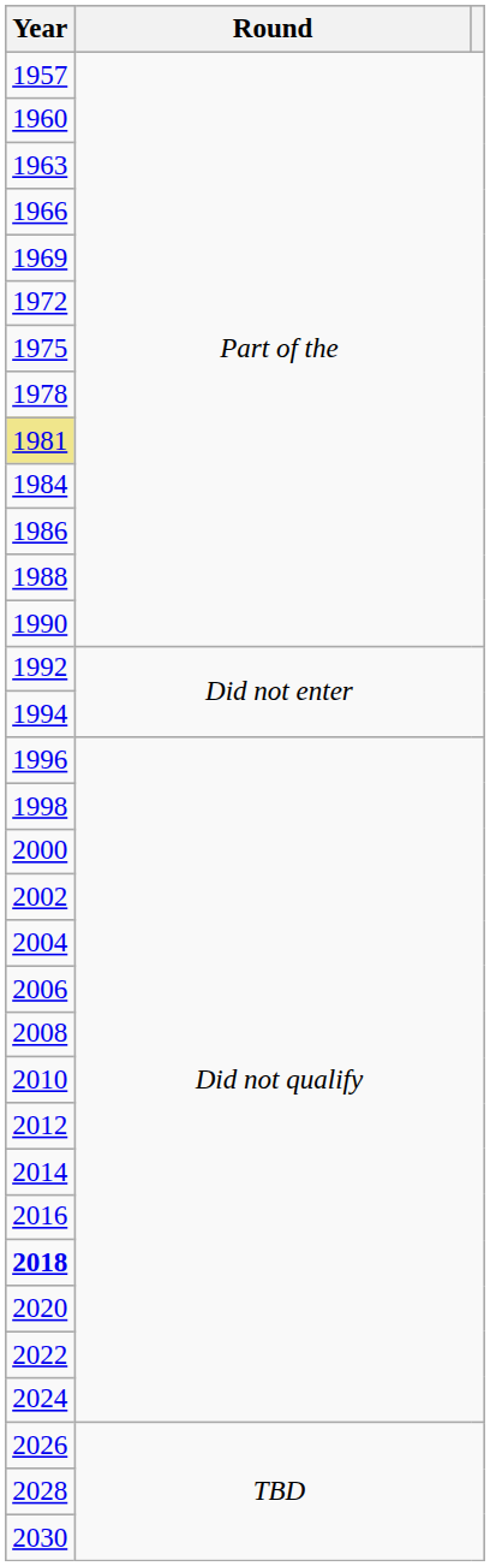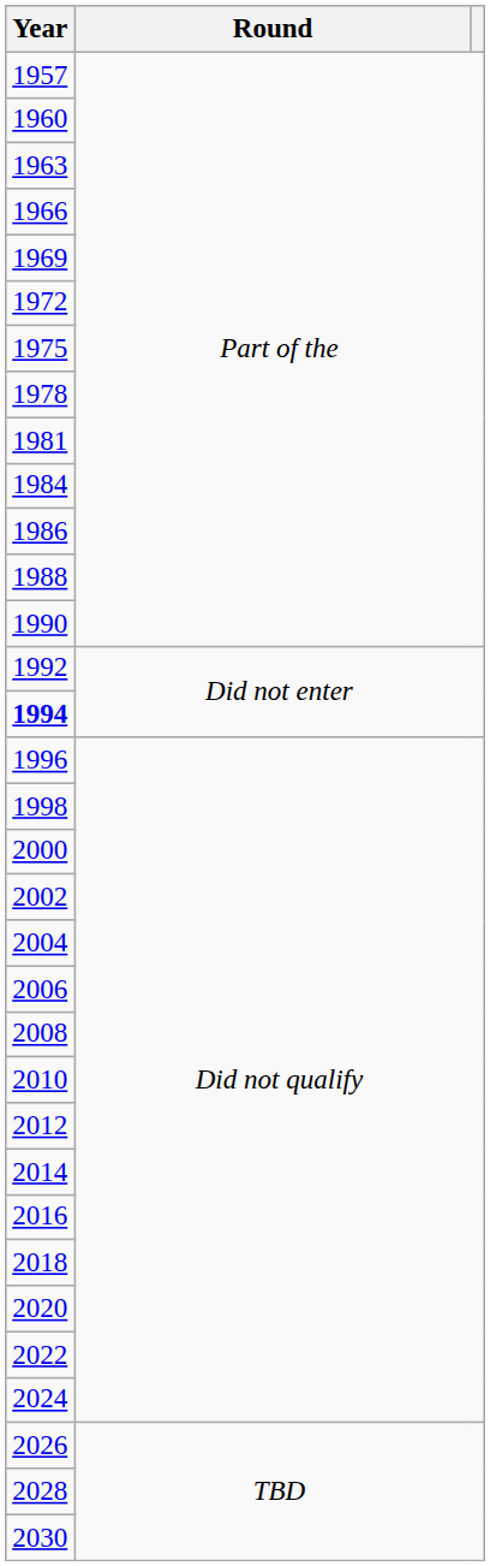 <table class="wikitable" style="text-align: center; font-size:90%">
 <tr>
 <th>Year</th>
 <th style="width:200px">Round</th>
 <th></th>
 </tr>
 <tr>
 <td><a href='#'>1957</a></td>
 <td colspan="2" rowspan="13"><em>Part of the </em></td>
 </tr>
 <tr>
 <td><a href='#'>1960</a></td>
 </tr>
 <tr>
 <td><a href='#'>1963</a></td>
 </tr>
 <tr>
 <td><a href='#'>1966</a></td>
 </tr>
 <tr>
 <td><a href='#'>1969</a></td>
 </tr>
 <tr>
 <td><a href='#'>1972</a></td>
 </tr>
 <tr>
 <td><a href='#'>1975</a></td>
 </tr>
 <tr>
 <td><a href='#'>1978</a></td>
 </tr>
 <tr>
-<td style="background: khaki;"><a href='#'>1981</a></td>
+<td><a href='#'>1981</a></td>
 </tr>
 <tr>
 <td><a href='#'>1984</a></td>
 </tr>
 <tr>
 <td><a href='#'>1986</a></td>
 </tr>
 <tr>
 <td><a href='#'>1988</a></td>
 </tr>
 <tr>
 <td><a href='#'>1990</a></td>
 </tr>
 <tr>
 <td><a href='#'>1992</a></td>
 <td colspan="2" rowspan="2"><em>Did not enter</em></td>
 </tr>
 <tr>
-<td><a href='#'>1994</a></td>
+<td><strong><a href='#'>1994</a></strong></td>
 </tr>
 <tr>
 <td><a href='#'>1996</a></td>
 <td colspan="2" rowspan="15"><em>Did not qualify</em></td>
 </tr>
 <tr>
 <td><a href='#'>1998</a></td>
 </tr>
 <tr>
 <td><a href='#'>2000</a></td>
 </tr>
 <tr>
 <td><a href='#'>2002</a></td>
 </tr>
 <tr>
 <td><a href='#'>2004</a></td>
 </tr>
 <tr>
 <td><a href='#'>2006</a></td>
 </tr>
 <tr>
 <td><a href='#'>2008</a></td>
 </tr>
 <tr>
 <td><a href='#'>2010</a></td>
 </tr>
 <tr>
 <td><a href='#'>2012</a></td>
 </tr>
 <tr>
 <td><a href='#'>2014</a></td>
 </tr>
 <tr>
 <td><a href='#'>2016</a></td>
 </tr>
 <tr>
-<td><strong><a href='#'>2018</a></strong></td>
+<td><a href='#'>2018</a></td>
 </tr>
 <tr>
 <td><a href='#'>2020</a></td>
 </tr>
 <tr>
 <td><a href='#'>2022</a></td>
 </tr>
 <tr>
 <td><a href='#'>2024</a></td>
 </tr>
 <tr>
 <td><a href='#'>2026</a></td>
 <td colspan="2" rowspan="3"><em>TBD</em></td>
 </tr>
 <tr>
 <td><a href='#'>2028</a></td>
 </tr>
 <tr>
 <td><a href='#'>2030</a></td>
 </tr>
 </table>
